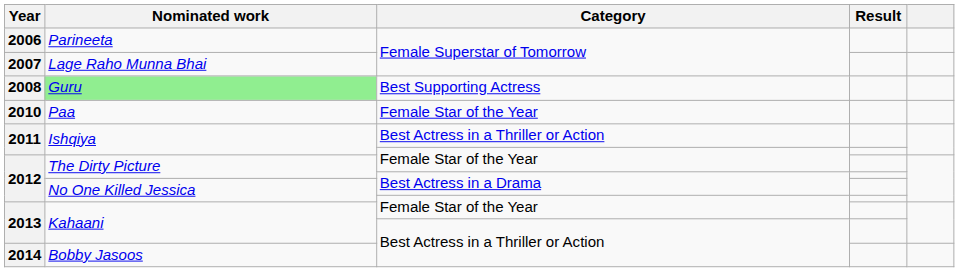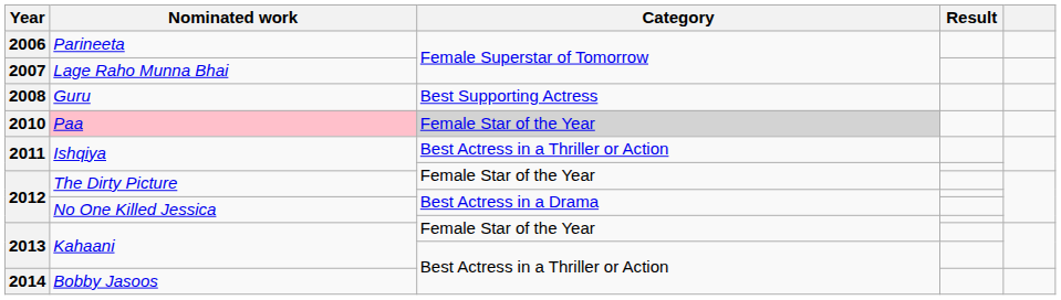 <table class="wikitable plainrowheaders" style="width:80%;">
 <tr>
 <th scope="col" style="width:4%;">Year</th>
 <th scope="col" style="width:35%;">Nominated work</th>
 <th scope="col" style="width:50%;">Category</th>
 <th scope="col" style="width:6%;">Result</th>
 <th scope="col" style="width:6%;"></th>
 </tr>
 <tr>
 <th scope="row">2006</th>
 <td><em><a href='#'>Parineeta</a></em></td>
 <td rowspan="2"><a href='#'>Female Superstar of Tomorrow</a></td>
 <td></td>
 <td style="text-align:center;"></td>
 </tr>
 <tr>
 <th scope="row">2007</th>
 <td><em><a href='#'>Lage Raho Munna Bhai</a></em></td>
 <td></td>
 <td style="text-align:center;"></td>
 </tr>
 <tr>
 <th scope="row">2008</th>
-<td style="background: lightgreen;"><em><a href='#'>Guru</a></em></td>
+<td><em><a href='#'>Guru</a></em></td>
 <td><a href='#'>Best Supporting Actress</a></td>
 <td></td>
 <td style="text-align:center;"></td>
 </tr>
 <tr>
 <th scope="row">2010</th>
-<td><em><a href='#'>Paa</a></em></td>
-<td><a href='#'>Female Star of the Year</a></td>
+<td style="background: pink;"><em><a href='#'>Paa</a></em></td>
+<td style="background: lightgrey;"><a href='#'>Female Star of the Year</a></td>
 <td></td>
 <td style="text-align:center;"></td>
 </tr>
 <tr>
 <th scope="row" rowspan="2">2011</th>
 <td rowspan="2"><em><a href='#'>Ishqiya</a></em></td>
 <td><a href='#'>Best Actress in a Thriller or Action</a></td>
 <td></td>
 <td rowspan="2" style="text-align:center;"><br></td>
 </tr>
 <tr>
 <td rowspan="2">Female Star of the Year</td>
 <td></td>
 </tr>
 <tr>
 <th scope="row" rowspan="4">2012</th>
 <td rowspan="2"><em><a href='#'>The Dirty Picture</a></em></td>
 <td></td>
 <td rowspan="4" style="text-align:center;"><br><br></td>
 </tr>
 <tr>
 <td rowspan="2"><a href='#'>Best Actress in a Drama</a></td>
 <td></td>
 </tr>
 <tr>
 <td rowspan="2"><em><a href='#'>No One Killed Jessica</a></em></td>
 <td></td>
 </tr>
 <tr>
 <td rowspan="2">Female Star of the Year</td>
 <td></td>
 </tr>
 <tr>
 <th scope="row" rowspan="2">2013</th>
 <td rowspan="2"><em><a href='#'>Kahaani</a></em></td>
 <td></td>
 <td rowspan="2" style="text-align:center;"><br><br></td>
 </tr>
 <tr>
 <td rowspan="2">Best Actress in a Thriller or Action</td>
 <td></td>
 </tr>
 <tr>
 <th scope="row">2014</th>
 <td><em><a href='#'>Bobby Jasoos</a></em></td>
 <td></td>
 <td style="text-align:center;"></td>
 </tr>
 </table>
